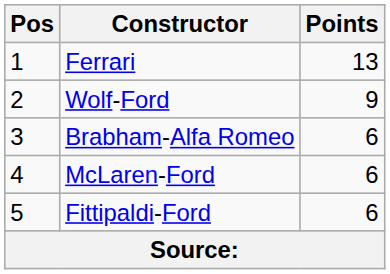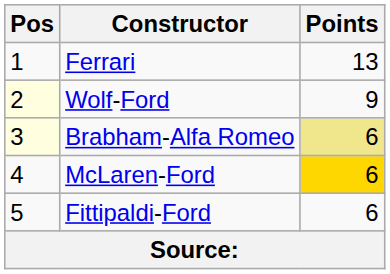 <table class="wikitable" style="font-size: 95%;">
 <tr>
 <th>Pos</th>
 <th>Constructor</th>
 <th>Points</th>
 </tr>
 <tr>
 <td>1</td>
 <td> <a href='#'>Ferrari</a></td>
 <td align="right">13</td>
 </tr>
 <tr>
-<td>2</td>
+<td style="background: lightyellow;">2</td>
 <td> <a href='#'>Wolf</a>-<a href='#'>Ford</a></td>
 <td align="right">9</td>
 </tr>
 <tr>
-<td>3</td>
+<td style="background: lightyellow;">3</td>
 <td> <a href='#'>Brabham</a>-<a href='#'>Alfa Romeo</a></td>
-<td align="right">6</td>
+<td align="right" style="background: khaki;">6</td>
 </tr>
 <tr>
 <td>4</td>
 <td> <a href='#'>McLaren</a>-<a href='#'>Ford</a></td>
-<td align="right">6</td>
+<td align="right" style="background: gold;">6</td>
 </tr>
 <tr>
 <td>5</td>
 <td> <a href='#'>Fittipaldi</a>-<a href='#'>Ford</a></td>
 <td align="right">6</td>
 </tr>
 <tr>
 <th colspan=4>Source:</th>
 </tr>
 </table>
